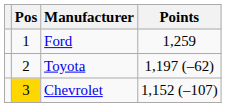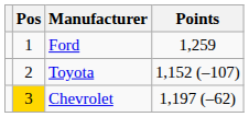 <table class="wikitable" style="font-size: 95%">
 <tr>
 <th></th>
 <th>Pos</th>
 <th>Manufacturer</th>
 <th>Points</th>
 </tr>
 <tr>
 <td align="left"></td>
 <td style="text-align:center;">1</td>
 <td><a href='#'>Ford</a></td>
 <td style="text-align:center;">1,259</td>
 </tr>
 <tr>
 <td align="left"></td>
 <td style="text-align:center;">2</td>
 <td><a href='#'>Toyota</a></td>
-<td style="text-align:center;">1,197 (–62)</td>
+<td style="text-align:center;">1,152 (–107)</td>
 </tr>
 <tr>
 <td align="left"></td>
 <td style="background: gold; text-align:center;">3</td>
 <td><a href='#'>Chevrolet</a></td>
-<td style="text-align:center;">1,152 (–107)</td>
+<td style="text-align:center;">1,197 (–62)</td>
 </tr>
 <tr class="sortbottom">
 </tr>
 </table>
